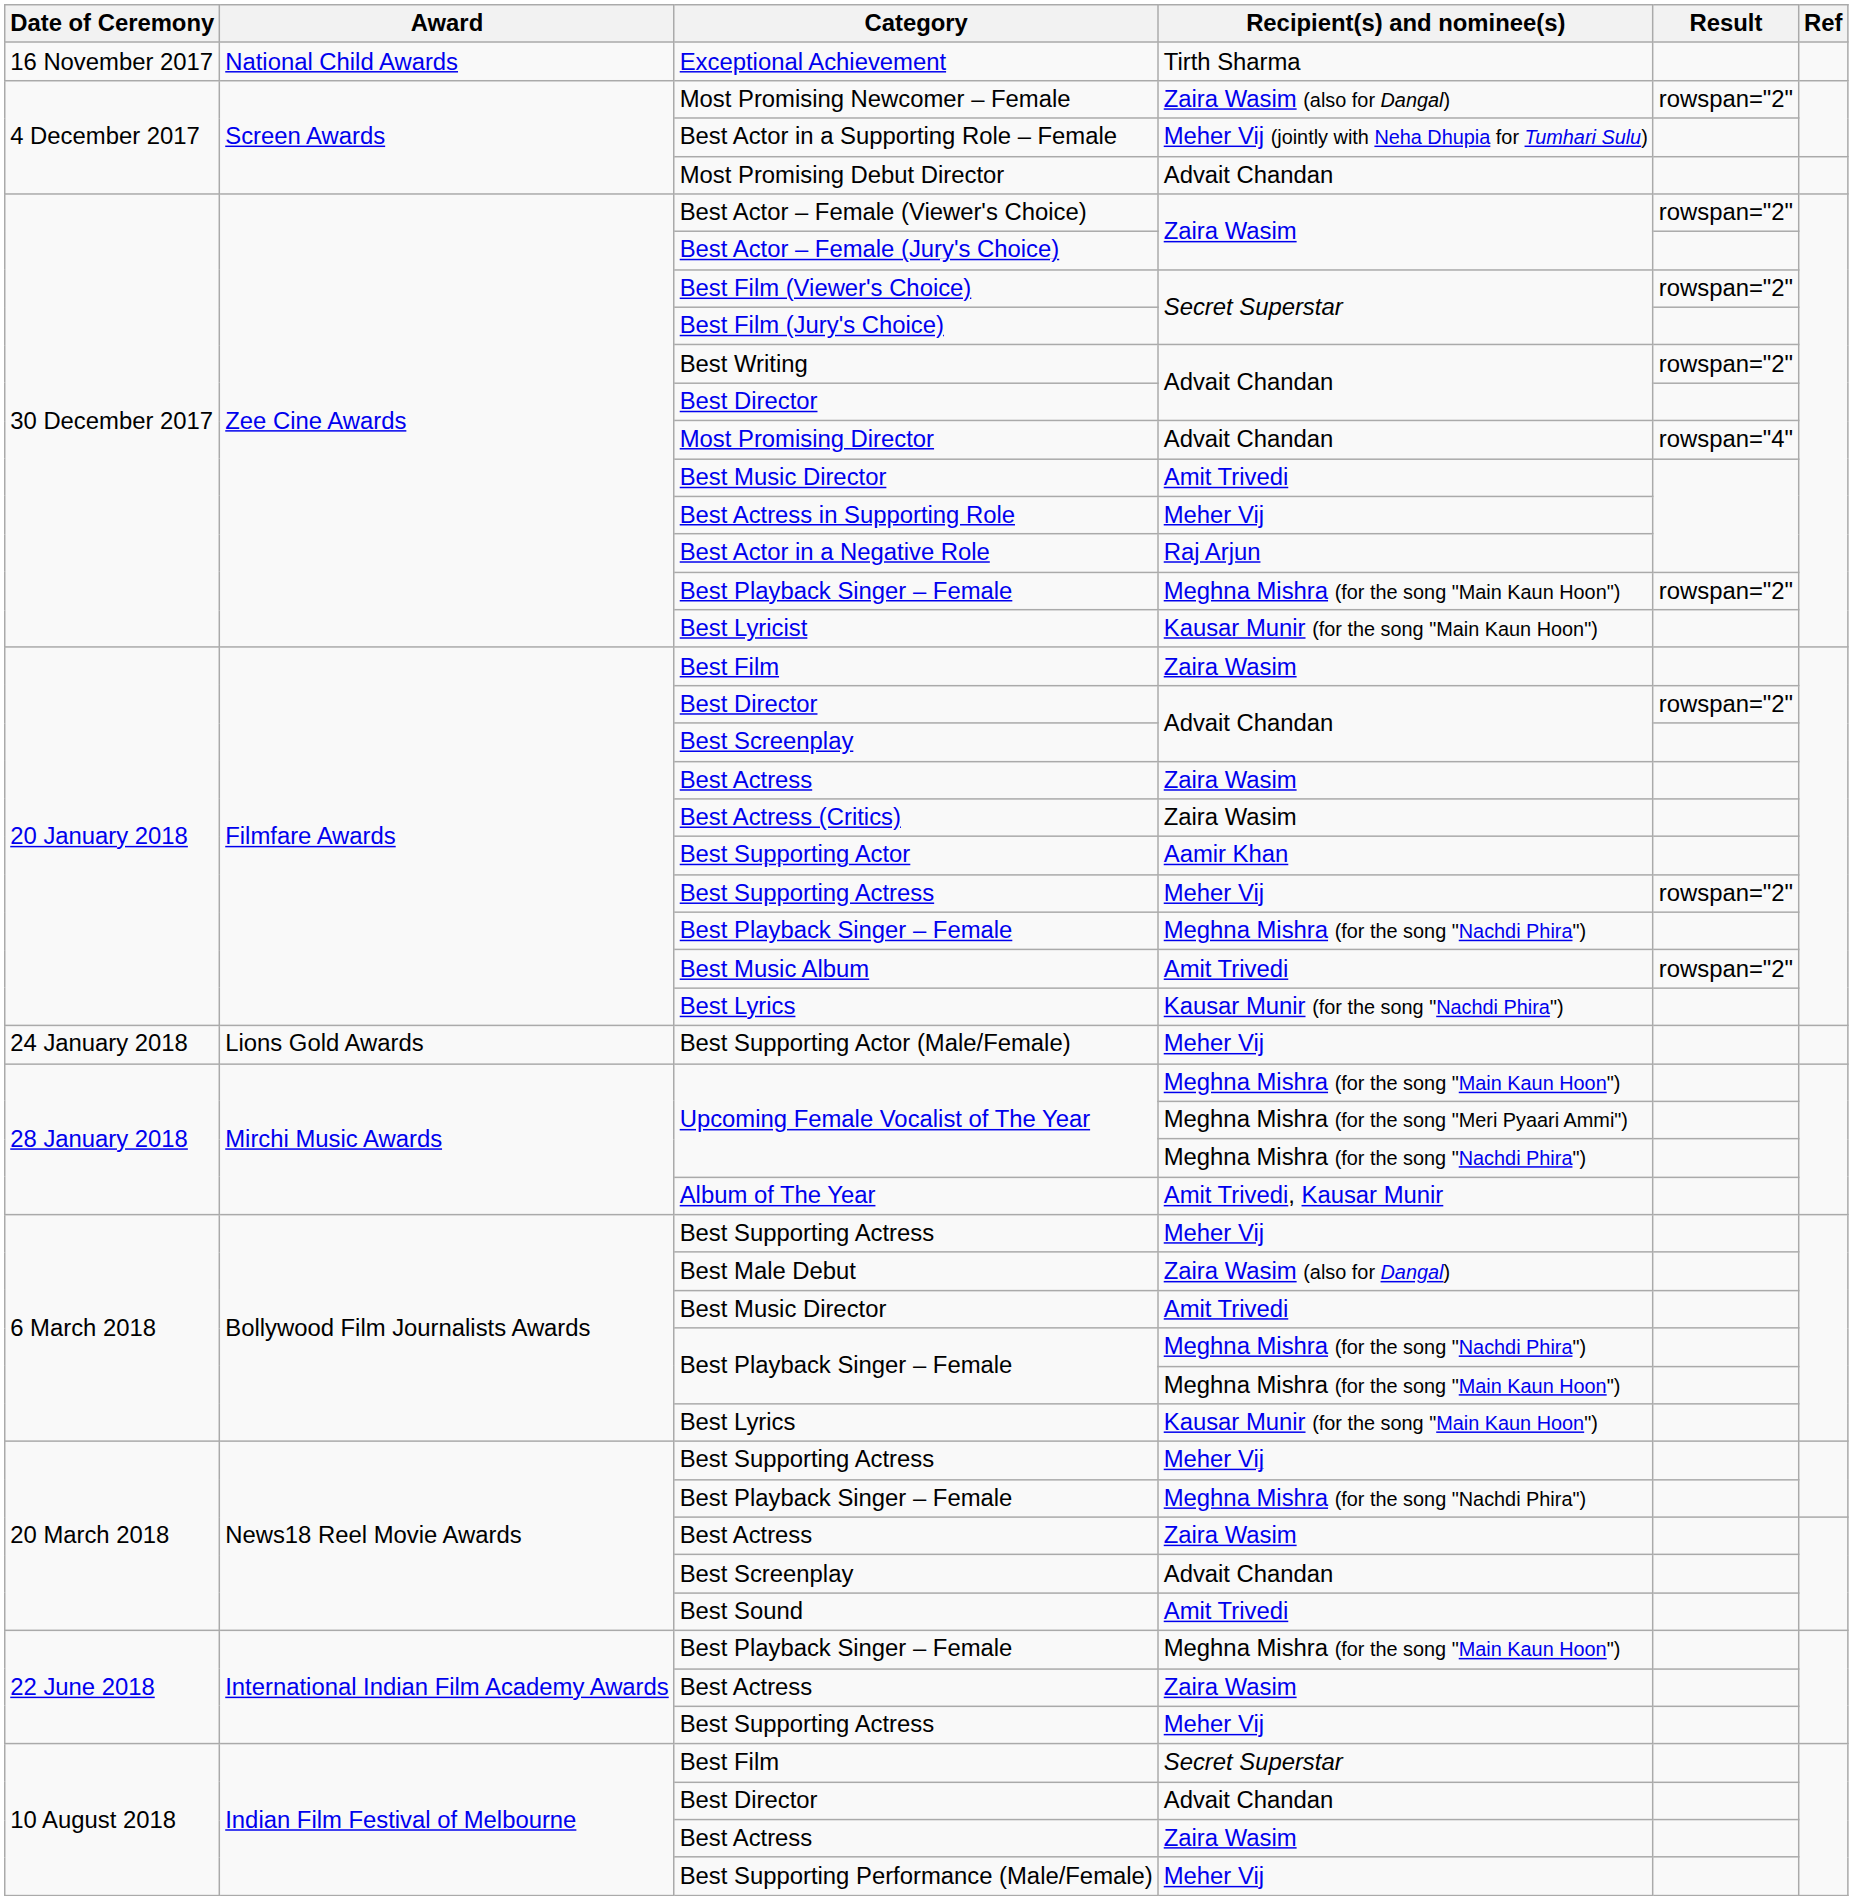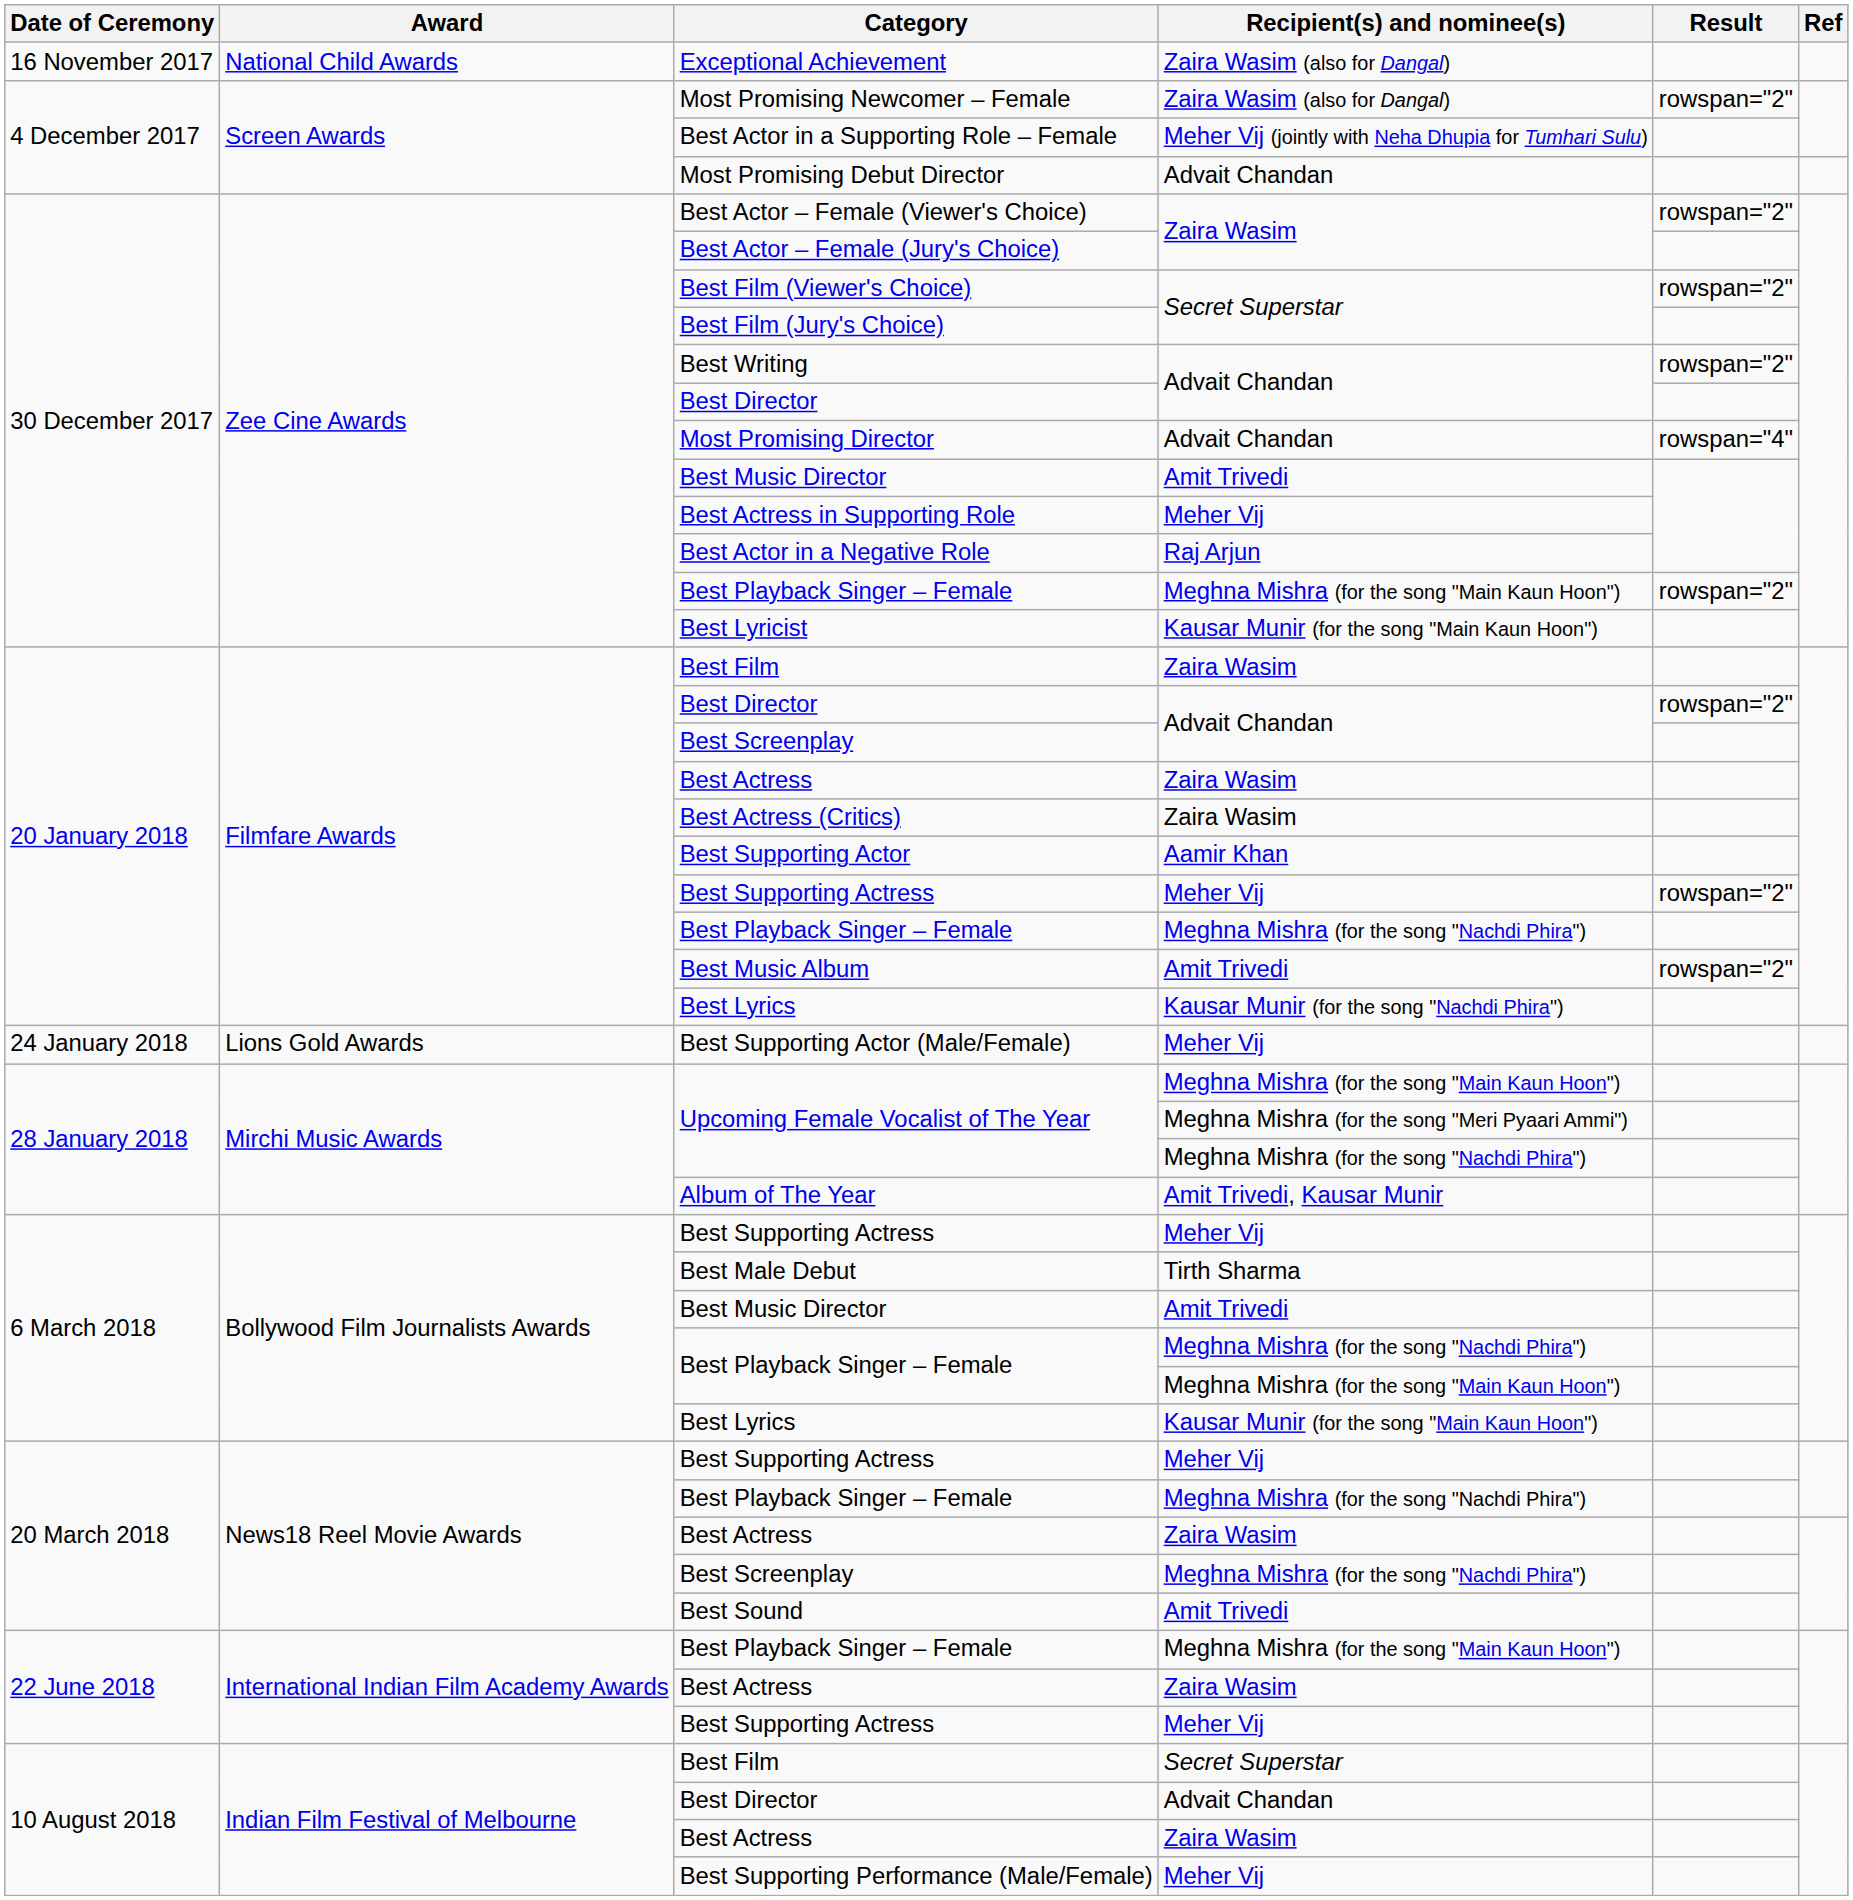 <table class="wikitable sortable">
 <tr>
 <th>Date of Ceremony</th>
 <th>Award</th>
 <th>Category</th>
 <th>Recipient(s) and nominee(s)</th>
 <th>Result</th>
 <th>Ref</th>
 </tr>
 <tr>
 <td>16 November 2017</td>
 <td><a href='#'>National Child Awards</a></td>
 <td><a href='#'>Exceptional Achievement</a></td>
-<td>Tirth Sharma</td>
+<td><a href='#'>Zaira Wasim</a> <small>(also for <em><a href='#'>Dangal</a></em>)</small></td>
 <td></td>
 <td style="text-align:center;"></td>
 </tr>
 <tr>
 <td rowspan="3">4 December 2017</td>
 <td rowspan="3"><a href='#'>Screen Awards</a></td>
 <td>Most Promising Newcomer – Female</td>
 <td><a href='#'>Zaira Wasim</a> <small>(also for <em>Dangal</em>)</small></td>
 <td>rowspan="2" </td>
 <td rowspan="2"></td>
 </tr>
 <tr>
 <td>Best Actor in a Supporting Role – Female</td>
 <td><a href='#'>Meher Vij</a> <small>(jointly with <a href='#'>Neha Dhupia</a> for <em><a href='#'>Tumhari Sulu</a></em>)</small></td>
 </tr>
 <tr>
 <td>Most Promising Debut Director</td>
 <td>Advait Chandan</td>
 <td></td>
 <td></td>
 </tr>
 <tr>
 <td rowspan="12">30 December 2017</td>
 <td rowspan="12"><a href='#'>Zee Cine Awards</a></td>
 <td>Best Actor – Female (Viewer's Choice)</td>
 <td rowspan="2"><a href='#'>Zaira Wasim</a></td>
 <td>rowspan="2" </td>
 <td rowspan="12" style="text-align:center;"></td>
 </tr>
 <tr>
 <td><a href='#'>Best Actor – Female (Jury's Choice)</a></td>
 </tr>
 <tr>
 <td><a href='#'>Best Film (Viewer's Choice)</a></td>
 <td rowspan="2"><em>Secret Superstar</em></td>
 <td>rowspan="2" </td>
 </tr>
 <tr>
 <td><a href='#'>Best Film (Jury's Choice)</a></td>
 </tr>
 <tr>
 <td>Best Writing</td>
 <td rowspan="2">Advait Chandan</td>
 <td>rowspan="2" </td>
 </tr>
 <tr>
 <td><a href='#'>Best Director</a></td>
 </tr>
 <tr>
 <td><a href='#'>Most Promising Director</a></td>
 <td>Advait Chandan</td>
 <td>rowspan="4" </td>
 </tr>
 <tr>
 <td><a href='#'>Best Music Director</a></td>
 <td><a href='#'>Amit Trivedi</a></td>
 </tr>
 <tr>
 <td><a href='#'>Best Actress in Supporting Role</a></td>
 <td><a href='#'>Meher Vij</a></td>
 </tr>
 <tr>
 <td><a href='#'>Best Actor in a Negative Role</a></td>
 <td><a href='#'>Raj Arjun</a></td>
 </tr>
 <tr>
 <td><a href='#'>Best Playback Singer – Female</a></td>
 <td><a href='#'>Meghna Mishra</a> <small>(for the song "Main Kaun Hoon")</small></td>
 <td>rowspan="2" </td>
 </tr>
 <tr>
 <td><a href='#'>Best Lyricist</a></td>
 <td><a href='#'>Kausar Munir</a> <small>(for the song "Main Kaun Hoon")</small></td>
 </tr>
 <tr>
 <td rowspan="10"><a href='#'>20 January 2018</a></td>
 <td rowspan="10"><a href='#'>Filmfare Awards</a></td>
 <td><a href='#'>Best Film</a></td>
 <td><a href='#'>Zaira Wasim</a></td>
 <td></td>
 <td rowspan="10" style="text-align:center;"></td>
 </tr>
 <tr>
 <td><a href='#'>Best Director</a></td>
 <td rowspan="2">Advait Chandan</td>
 <td>rowspan="2" </td>
 </tr>
 <tr>
 <td><a href='#'>Best Screenplay</a></td>
 </tr>
 <tr>
 <td><a href='#'>Best Actress</a></td>
 <td><a href='#'>Zaira Wasim</a></td>
 <td></td>
 </tr>
 <tr>
 <td><a href='#'>Best Actress (Critics)</a></td>
 <td>Zaira Wasim</td>
 <td></td>
 </tr>
 <tr>
 <td><a href='#'>Best Supporting Actor</a></td>
 <td><a href='#'>Aamir Khan</a></td>
 <td></td>
 </tr>
 <tr>
 <td><a href='#'>Best Supporting Actress</a></td>
 <td><a href='#'>Meher Vij</a></td>
 <td>rowspan="2" </td>
 </tr>
 <tr>
 <td><a href='#'>Best Playback Singer – Female</a></td>
 <td><a href='#'>Meghna Mishra</a> <small>(for the song "<a href='#'>Nachdi Phira</a>")</small></td>
 </tr>
 <tr>
 <td><a href='#'>Best Music Album</a></td>
 <td><a href='#'>Amit Trivedi</a></td>
 <td>rowspan="2" </td>
 </tr>
 <tr>
 <td><a href='#'>Best Lyrics</a></td>
 <td><a href='#'>Kausar Munir</a> <small>(for the song "<a href='#'>Nachdi Phira</a>")</small></td>
 </tr>
 <tr>
 <td>24 January 2018</td>
 <td>Lions Gold Awards</td>
 <td>Best Supporting Actor (Male/Female)</td>
 <td><a href='#'>Meher Vij</a></td>
 <td></td>
 <td></td>
 </tr>
 <tr>
 <td rowspan=4><a href='#'>28 January 2018</a></td>
 <td rowspan=4><a href='#'>Mirchi Music Awards</a></td>
 <td rowspan=3><a href='#'>Upcoming Female Vocalist of The Year</a></td>
 <td><a href='#'>Meghna Mishra</a> <small>(for the song "<a href='#'>Main Kaun Hoon</a>")</small></td>
 <td></td>
 <td rowspan=4></td>
 </tr>
 <tr>
 <td>Meghna Mishra <small>(for the song "Meri Pyaari Ammi")</small></td>
 <td></td>
 </tr>
 <tr>
 <td>Meghna Mishra <small>(for the song "<a href='#'>Nachdi Phira</a>")</small></td>
 <td></td>
 </tr>
 <tr>
 <td><a href='#'>Album of The Year</a></td>
 <td><a href='#'>Amit Trivedi</a>, <a href='#'>Kausar Munir</a></td>
 <td></td>
 </tr>
 <tr>
 <td rowspan="6">6 March 2018</td>
 <td rowspan="6">Bollywood Film Journalists Awards</td>
 <td>Best Supporting Actress</td>
 <td><a href='#'>Meher Vij</a></td>
 <td></td>
 <td rowspan="6"></td>
 </tr>
 <tr>
 <td>Best Male Debut</td>
-<td><a href='#'>Zaira Wasim</a> <small>(also for <em><a href='#'>Dangal</a></em>)</small></td>
+<td>Tirth Sharma</td>
 <td></td>
 </tr>
 <tr>
 <td>Best Music Director</td>
 <td><a href='#'>Amit Trivedi</a></td>
 <td></td>
 </tr>
 <tr>
 <td rowspan="2">Best Playback Singer – Female</td>
 <td><a href='#'>Meghna Mishra</a> <small>(for the song "<a href='#'>Nachdi Phira</a>")</small></td>
 <td></td>
 </tr>
 <tr>
 <td>Meghna Mishra <small>(for the song "<a href='#'>Main Kaun Hoon</a>")</small></td>
 <td></td>
 </tr>
 <tr>
 <td>Best Lyrics</td>
 <td><a href='#'>Kausar Munir</a> <small>(for the song "<a href='#'>Main Kaun Hoon</a>")</small></td>
 <td></td>
 </tr>
 <tr>
 <td rowspan="5">20 March 2018</td>
 <td rowspan="5">News18 Reel Movie Awards</td>
 <td>Best Supporting Actress</td>
 <td><a href='#'>Meher Vij</a></td>
 <td></td>
 <td rowspan="2"></td>
 </tr>
 <tr>
 <td>Best Playback Singer – Female</td>
 <td><a href='#'>Meghna Mishra</a> <small>(for the song "Nachdi Phira")</small></td>
 <td></td>
 </tr>
 <tr>
 <td>Best Actress</td>
 <td><a href='#'>Zaira Wasim</a></td>
 <td></td>
 <td rowspan="3"></td>
 </tr>
 <tr>
 <td>Best Screenplay</td>
-<td>Advait Chandan</td>
+<td><a href='#'>Meghna Mishra</a> <small>(for the song "<a href='#'>Nachdi Phira</a>")</small></td>
 <td></td>
 </tr>
 <tr>
 <td>Best Sound</td>
 <td><a href='#'>Amit Trivedi</a></td>
 <td></td>
 </tr>
 <tr>
 <td rowspan="3"><a href='#'>22 June 2018</a></td>
 <td rowspan="3"><a href='#'>International Indian Film Academy Awards</a></td>
 <td>Best Playback Singer – Female</td>
 <td>Meghna Mishra <small>(for the song "<a href='#'>Main Kaun Hoon</a>")</small></td>
 <td></td>
 <td rowspan="3"></td>
 </tr>
 <tr>
 <td>Best Actress</td>
 <td><a href='#'>Zaira Wasim</a></td>
 <td></td>
 </tr>
 <tr>
 <td>Best Supporting Actress</td>
 <td><a href='#'>Meher Vij</a></td>
 <td></td>
 </tr>
 <tr>
 <td rowspan="4">10 August 2018</td>
 <td rowspan="4"><a href='#'>Indian Film Festival of Melbourne</a></td>
 <td>Best Film</td>
 <td><em>Secret Superstar</em></td>
 <td></td>
 <td rowspan="4"></td>
 </tr>
 <tr>
 <td>Best Director</td>
 <td>Advait Chandan</td>
 <td></td>
 </tr>
 <tr>
 <td>Best Actress</td>
 <td><a href='#'>Zaira Wasim</a></td>
 <td></td>
 </tr>
 <tr>
 <td>Best Supporting Performance (Male/Female)</td>
 <td><a href='#'>Meher Vij</a></td>
 <td></td>
 </tr>
 </table>
